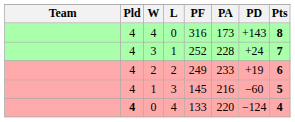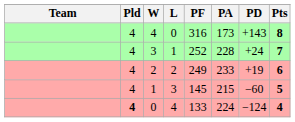 <table class=wikitable>
 <tr align=center>
 </tr>
 <tr>
 <th width=150>Team</th>
 <th width=20>Pld</th>
 <th width=20>W</th>
 <th width=20>L</th>
 <th width=30>PF</th>
 <th width=30>PA</th>
 <th width=30>PD</th>
 <th width=20>Pts</th>
 </tr>
 <tr align=center bgcolor=#aaffaa>
 <td align=left></td>
 <td>4</td>
 <td>4</td>
 <td>0</td>
 <td>316</td>
 <td>173</td>
 <td>+143</td>
 <td><strong>8</strong></td>
 </tr>
 <tr align=center bgcolor=#aaffaa>
 <td align=left></td>
 <td>4</td>
 <td>3</td>
 <td>1</td>
 <td>252</td>
 <td>228</td>
 <td>+24</td>
 <td><strong>7</strong></td>
 </tr>
 <tr align=center bgcolor=#ffaaaa>
 <td align=left></td>
 <td>4</td>
 <td>2</td>
 <td>2</td>
 <td>249</td>
 <td>233</td>
 <td>+19</td>
 <td><strong>6</strong></td>
 </tr>
 <tr align=center bgcolor=#ffaaaa>
 <td align=left></td>
 <td>4</td>
 <td>1</td>
 <td>3</td>
 <td>145</td>
-<td>216</td>
+<td>215</td>
 <td>−60</td>
 <td><strong>5</strong></td>
 </tr>
 <tr align=center bgcolor=#ffaaaa>
 <td align=left></td>
 <td><strong>4</strong></td>
 <td>0</td>
 <td>4</td>
 <td>133</td>
-<td>220</td>
+<td>224</td>
 <td>−124</td>
 <td><strong>4</strong></td>
 </tr>
 </table>
